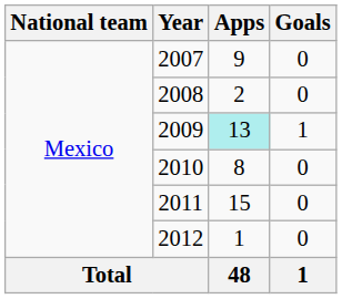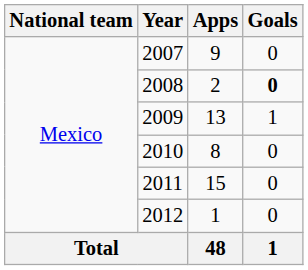 <table class="wikitable" style="text-align: center;">
 <tr>
 <th>National team</th>
 <th>Year</th>
 <th>Apps</th>
 <th>Goals</th>
 </tr>
 <tr>
 <td rowspan="6" valign="center"><a href='#'>Mexico</a></td>
 <td>2007</td>
 <td>9</td>
 <td>0</td>
 </tr>
 <tr>
 <td>2008</td>
 <td>2</td>
-<td>0</td>
+<td><strong>0</strong></td>
 </tr>
 <tr>
 <td>2009</td>
-<td style="background: paleturquoise;">13</td>
+<td>13</td>
 <td>1</td>
 </tr>
 <tr>
 <td>2010</td>
 <td>8</td>
 <td>0</td>
 </tr>
 <tr>
 <td>2011</td>
 <td>15</td>
 <td>0</td>
 </tr>
 <tr>
 <td>2012</td>
 <td>1</td>
 <td>0</td>
 </tr>
 <tr>
 <th colspan="2">Total</th>
 <th>48</th>
 <th>1</th>
 </tr>
 </table>
